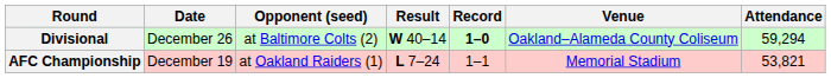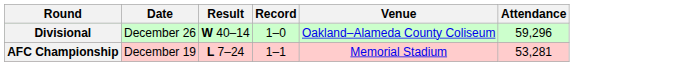 <table class="wikitable" style="text-align:center">
 <tr>
 <th>Round</th>
 <th>Date</th>
-<th>Opponent (seed)</th>
 <th>Result</th>
 <th>Record</th>
 <th>Venue</th>
 <th>Attendance</th>
 </tr>
 <tr style="background:#cfc">
 <th>Divisional</th>
 <td>December 26</td>
-<td>at <a href='#'>Baltimore Colts</a> (2)</td>
 <td><strong>W</strong> 40–14</td>
-<td><strong>1–0</strong></td>
+<td>1–0</td>
 <td><a href='#'>Oakland–Alameda County Coliseum</a></td>
-<td>59,294</td>
+<td>59,296</td>
 </tr>
 <tr style="background:#fcc">
 <th>AFC Championship</th>
 <td>December 19</td>
-<td>at <a href='#'>Oakland Raiders</a> (1)</td>
 <td><strong>L</strong> 7–24</td>
 <td>1–1</td>
 <td><a href='#'>Memorial Stadium</a></td>
-<td>53,821</td>
+<td>53,281</td>
 </tr>
 </table>
